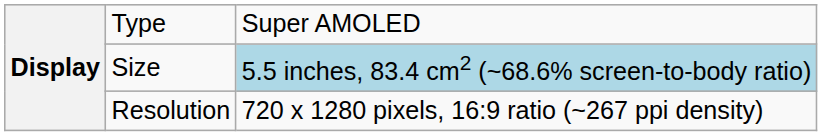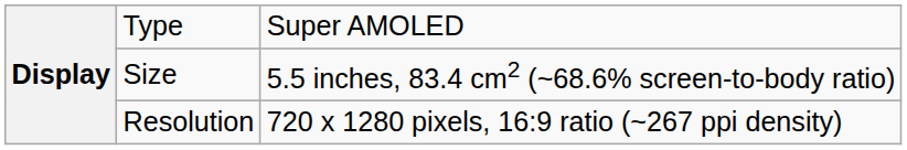 <table class="wikitable">
 <tr>
 <th rowspan="5">Display</th>
 <td>Type</td>
 <td>Super AMOLED</td>
 </tr>
 <tr>
 <td>Size</td>
-<td style="background: lightblue;">5.5 inches, 83.4 cm<sup>2</sup> (~68.6% screen-to-body ratio)</td>
+<td>5.5 inches, 83.4 cm<sup>2</sup> (~68.6% screen-to-body ratio)</td>
 </tr>
 <tr>
 <td>Resolution</td>
 <td>720 x 1280 pixels, 16:9 ratio (~267 ppi density)</td>
 </tr>
 </table>
